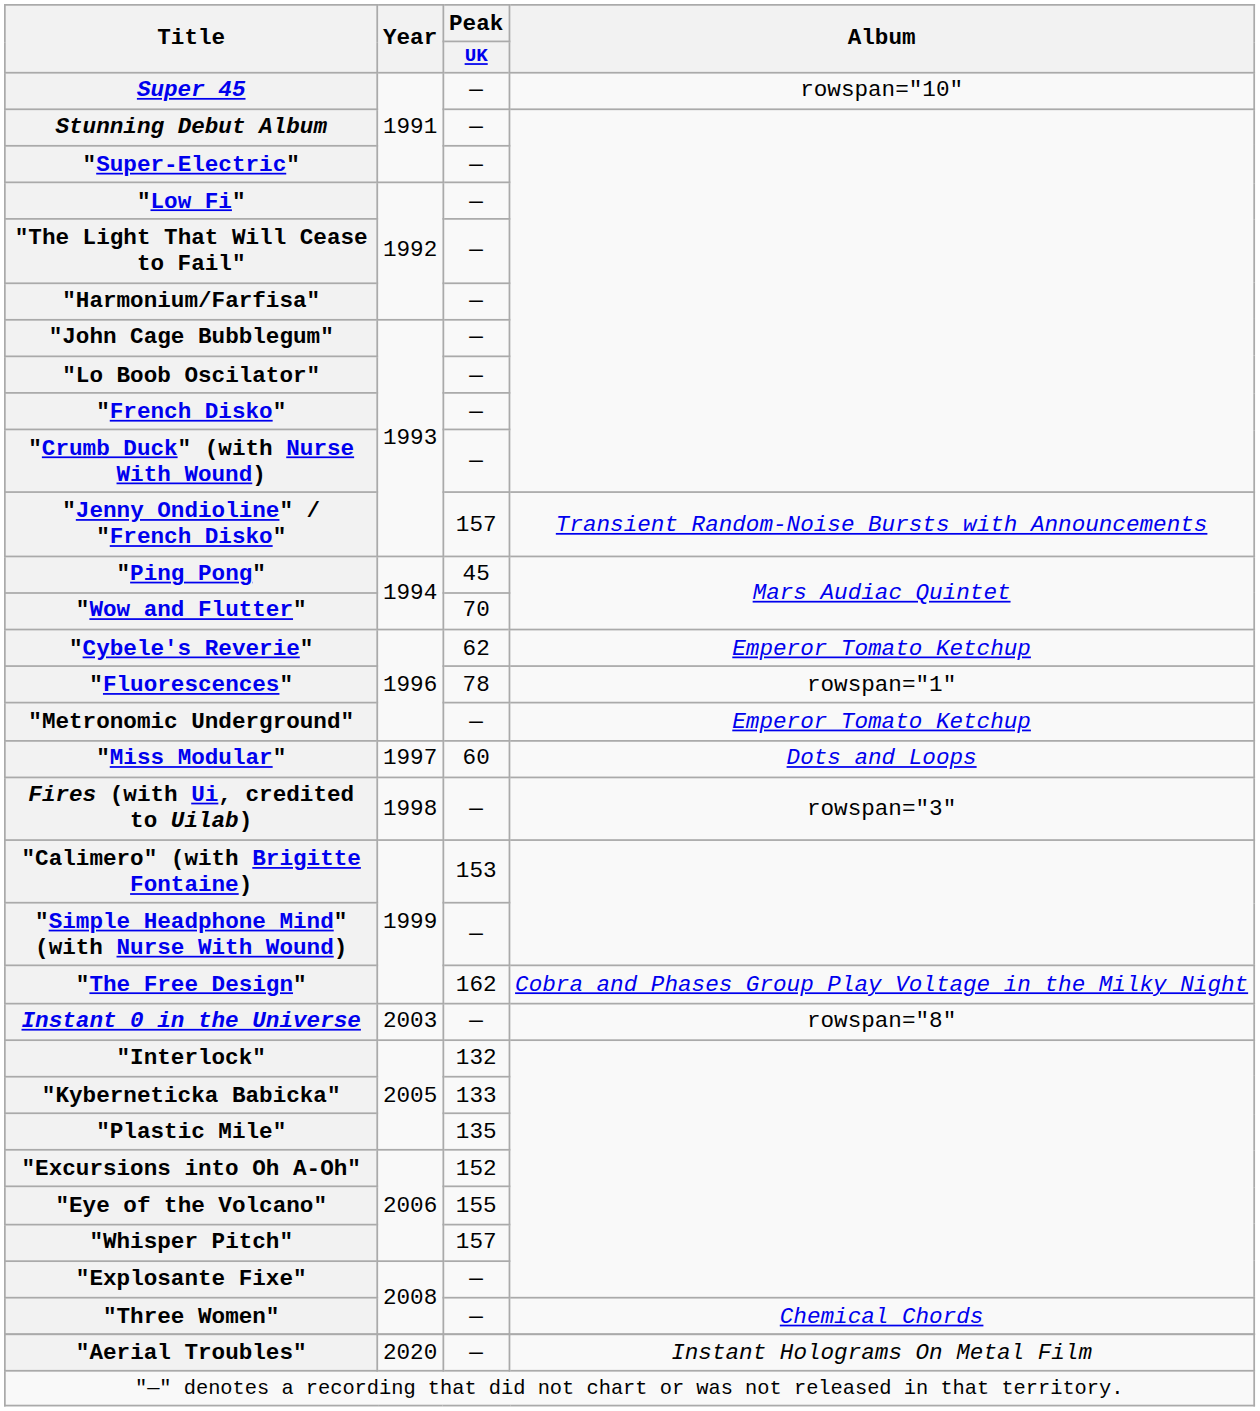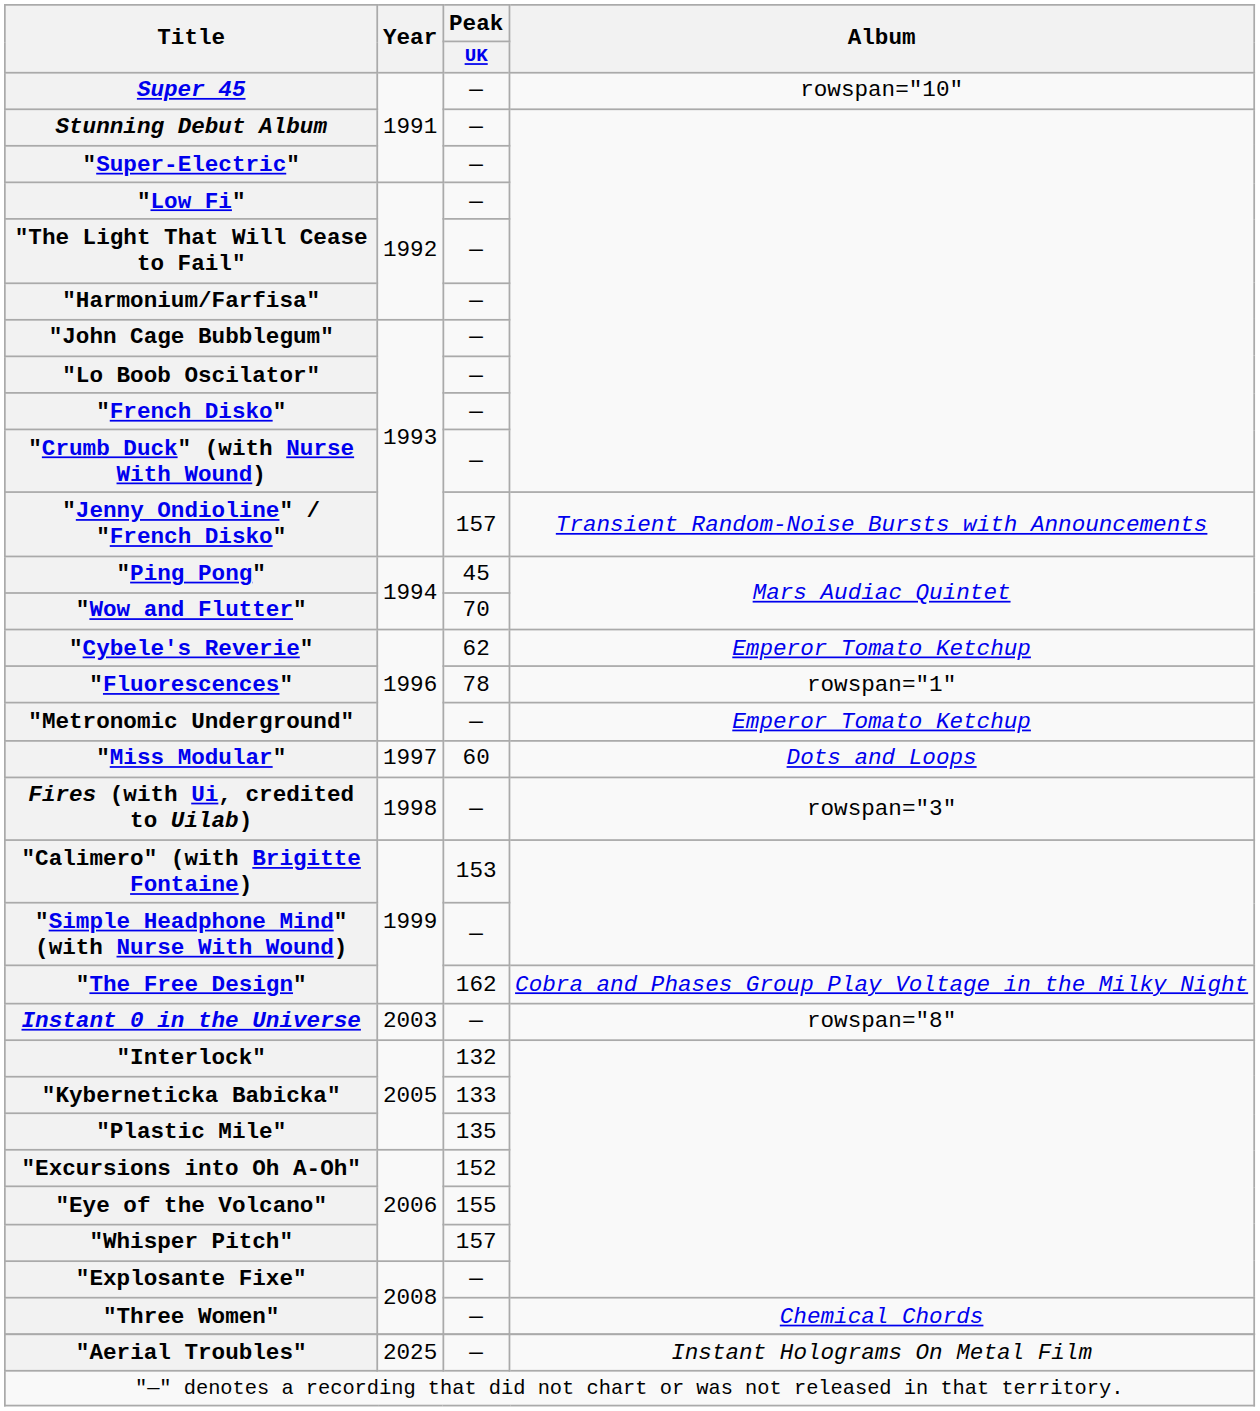 <table class="wikitable plainrowheaders" style="text-align:center;">
 <tr>
 <th rowspan="2" scope="col" style="width:16em;">Title</th>
 <th rowspan="2" scope="col">Year</th>
 <th>Peak</th>
 <th rowspan="2" scope="col">Album</th>
 </tr>
 <tr>
 <th scope="col" style="width:3em;font-size:85%;"><a href='#'>UK</a></th>
 </tr>
 <tr>
 <th scope="row"><em><a href='#'>Super 45</a></em></th>
 <td rowspan="3">1991</td>
 <td>—</td>
 <td>rowspan="10" </td>
 </tr>
 <tr>
 <th scope="row"><em>Stunning Debut Album</em></th>
 <td>—</td>
 </tr>
 <tr>
 <th scope="row">"<a href='#'>Super-Electric</a>"</th>
 <td>—</td>
 </tr>
 <tr>
 <th scope="row">"<a href='#'>Low Fi</a>"</th>
 <td rowspan="3">1992</td>
 <td>—</td>
 </tr>
 <tr>
 <th scope="row">"The Light That Will Cease to Fail"</th>
 <td>—</td>
 </tr>
 <tr>
 <th scope="row">"Harmonium/Farfisa"</th>
 <td>—</td>
 </tr>
 <tr>
 <th scope="row">"John Cage Bubblegum"</th>
 <td rowspan="5">1993</td>
 <td>—</td>
 </tr>
 <tr>
 <th scope="row">"Lo Boob Oscilator"</th>
 <td>—</td>
 </tr>
 <tr>
 <th scope="row">"<a href='#'>French Disko</a>"</th>
 <td>—</td>
 </tr>
 <tr>
 <th scope="row">"<a href='#'>Crumb Duck</a>" (with <a href='#'>Nurse With Wound</a>)</th>
 <td>—</td>
 </tr>
 <tr>
 <th scope="row">"<a href='#'>Jenny Ondioline</a>" / "<a href='#'>French Disko</a>"</th>
 <td>157</td>
 <td><em><a href='#'>Transient Random-Noise Bursts with Announcements</a></em></td>
 </tr>
 <tr>
 <th scope="row">"<a href='#'>Ping Pong</a>"</th>
 <td rowspan="2">1994</td>
 <td>45</td>
 <td rowspan="2"><em><a href='#'>Mars Audiac Quintet</a></em></td>
 </tr>
 <tr>
 <th scope="row">"<a href='#'>Wow and Flutter</a>"</th>
 <td>70</td>
 </tr>
 <tr>
 <th scope="row">"<a href='#'>Cybele's Reverie</a>"</th>
 <td rowspan="3">1996</td>
 <td>62</td>
 <td><a href='#'><em>Emperor Tomato Ketchup</em></a></td>
 </tr>
 <tr>
 <th scope="row">"<a href='#'>Fluorescences</a>"</th>
 <td>78</td>
 <td>rowspan="1" </td>
 </tr>
 <tr>
 <th scope="row">"Metronomic Underground"</th>
 <td>—</td>
 <td><a href='#'><em>Emperor Tomato Ketchup</em></a></td>
 </tr>
 <tr>
 <th scope="row">"<a href='#'>Miss Modular</a>"</th>
 <td rowspan="1">1997</td>
 <td>60</td>
 <td><em><a href='#'>Dots and Loops</a></em></td>
 </tr>
 <tr>
 <th scope="row"><em>Fires</em> (with <a href='#'>Ui</a>, credited to <em>Uilab</em>)</th>
 <td rowspan="1">1998</td>
 <td>—</td>
 <td>rowspan="3" </td>
 </tr>
 <tr>
 <th scope="row">"Calimero" (with <a href='#'>Brigitte Fontaine</a>)</th>
 <td rowspan="3">1999</td>
 <td>153</td>
 </tr>
 <tr>
 <th scope="row">"<a href='#'>Simple Headphone Mind</a>" (with <a href='#'>Nurse With Wound</a>)</th>
 <td>—</td>
 </tr>
 <tr>
 <th scope="row">"<a href='#'>The Free Design</a>"</th>
 <td>162</td>
 <td><em><a href='#'>Cobra and Phases Group Play Voltage in the Milky Night</a></em></td>
 </tr>
 <tr>
 <th scope="row"><em><a href='#'>Instant 0 in the Universe</a></em></th>
 <td>2003</td>
 <td>—</td>
 <td>rowspan="8" </td>
 </tr>
 <tr>
 <th scope="row">"Interlock"</th>
 <td rowspan="3">2005</td>
 <td>132</td>
 </tr>
 <tr>
 <th scope="row">"Kyberneticka Babicka"</th>
 <td>133</td>
 </tr>
 <tr>
 <th scope="row">"Plastic Mile"</th>
 <td>135</td>
 </tr>
 <tr>
 <th scope="row">"Excursions into Oh A-Oh"</th>
 <td rowspan="3">2006</td>
 <td>152</td>
 </tr>
 <tr>
 <th scope="row">"Eye of the Volcano"</th>
 <td>155</td>
 </tr>
 <tr>
 <th scope="row">"Whisper Pitch"</th>
 <td>157</td>
 </tr>
 <tr>
 <th scope="row">"Explosante Fixe"</th>
 <td rowspan="2">2008</td>
 <td>—</td>
 </tr>
 <tr>
 <th scope="row">"Three Women"</th>
 <td>—</td>
 <td><em><a href='#'>Chemical Chords</a></em></td>
 </tr>
 <tr>
 </tr>
 <tr>
 <th scope="row">"Aerial Troubles"</th>
-<td>2020</td>
+<td>2025</td>
 <td>—</td>
 <td><em>Instant Holograms On Metal Film</em></td>
 </tr>
 <tr>
 <td colspan="4" style="font-size:90%">"—" denotes a recording that did not chart or was not released in that territory.</td>
 </tr>
 </table>
